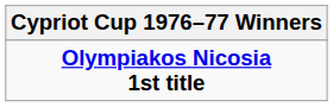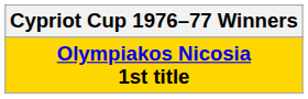 <table class="wikitable" style="text-align:center;margin: 0 auto;">
 <tr>
 <th>Cypriot Cup 1976–77 Winners</th>
 </tr>
 <tr>
 </tr>
 <tr>
-<td><strong><a href='#'>Olympiakos Nicosia</a></strong><br><strong>1st title</strong></td>
+<td style="background: gold;"><strong><a href='#'>Olympiakos Nicosia</a></strong><br><strong>1st title</strong></td>
 </tr>
 </table>
